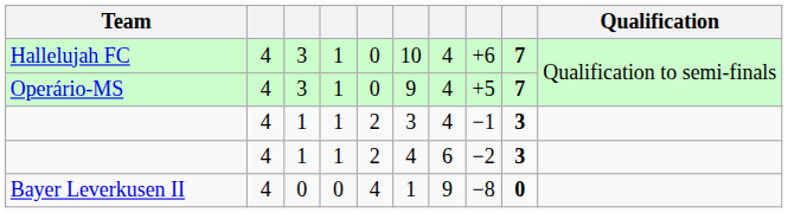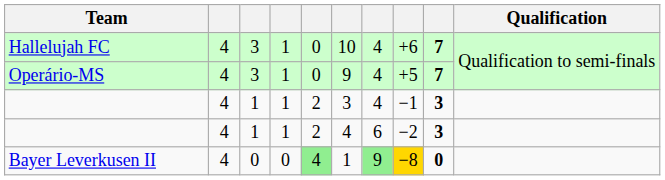 <table class="wikitable" style="text-align:center;">
 <tr>
 <th width=175>Team</th>
 <th width=20></th>
 <th width=20></th>
 <th width=20></th>
 <th width=20></th>
 <th width=20></th>
 <th width=20></th>
 <th width=20></th>
 <th width=20></th>
 <th>Qualification</th>
 </tr>
 <tr bgcolor="#ccffcc">
 <td align="left"> <a href='#'>Hallelujah FC</a></td>
 <td>4</td>
 <td>3</td>
 <td>1</td>
 <td>0</td>
 <td>10</td>
 <td>4</td>
 <td>+6</td>
 <td><strong>7</strong></td>
 <td rowspan="2">Qualification to semi-finals</td>
 </tr>
 <tr bgcolor="#ccffcc">
 <td align="left"> <a href='#'>Operário-MS</a></td>
 <td>4</td>
 <td>3</td>
 <td>1</td>
 <td>0</td>
 <td>9</td>
 <td>4</td>
 <td>+5</td>
 <td><strong>7</strong></td>
 </tr>
 <tr>
 <td align="left"></td>
 <td>4</td>
 <td>1</td>
 <td>1</td>
 <td>2</td>
 <td>3</td>
 <td>4</td>
 <td>−1</td>
 <td><strong>3</strong></td>
 <td></td>
 </tr>
 <tr>
 <td align="left"></td>
 <td>4</td>
 <td>1</td>
 <td>1</td>
 <td>2</td>
 <td>4</td>
 <td>6</td>
 <td>−2</td>
 <td><strong>3</strong></td>
 <td></td>
 </tr>
 <tr>
 <td align="left"> <a href='#'>Bayer Leverkusen II</a></td>
 <td>4</td>
 <td>0</td>
 <td>0</td>
-<td>4</td>
+<td style="background: lightgreen;">4</td>
 <td>1</td>
-<td>9</td>
-<td>−8</td>
+<td style="background: lightgreen;">9</td>
+<td style="background: gold;">−8</td>
 <td><strong>0</strong></td>
 <td></td>
 </tr>
 </table>
